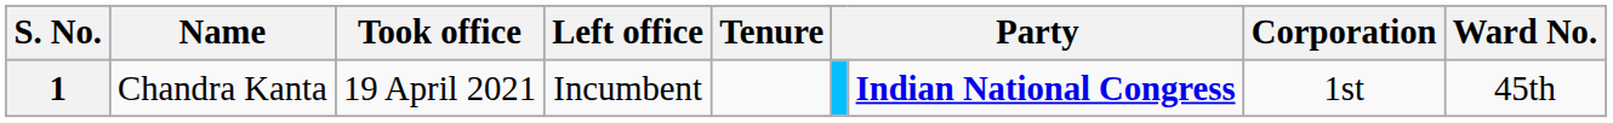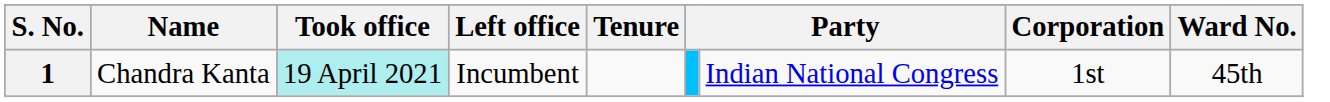 <table class="wikitable" style="text-align:center">
 <tr>
 <th>S. No.</th>
 <th>Name</th>
 <th>Took office</th>
 <th>Left office</th>
 <th>Tenure</th>
 <th colspan=2>Party</th>
 <th>Corporation</th>
 <th>Ward No.</th>
 </tr>
 <tr>
 <th>1</th>
 <td>Chandra Kanta</td>
-<td>19 April 2021</td>
+<td style="background: paleturquoise;">19 April 2021</td>
 <td>Incumbent</td>
 <td></td>
 <td bgcolor=#00BFFF></td>
-<td><strong><a href='#'>Indian National Congress</a></strong></td>
+<td><a href='#'>Indian National Congress</a></td>
 <td>1st</td>
 <td>45th</td>
 </tr>
 </table>
